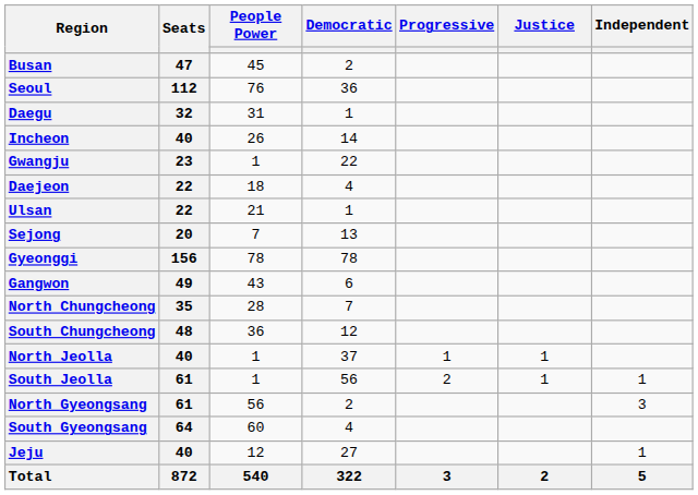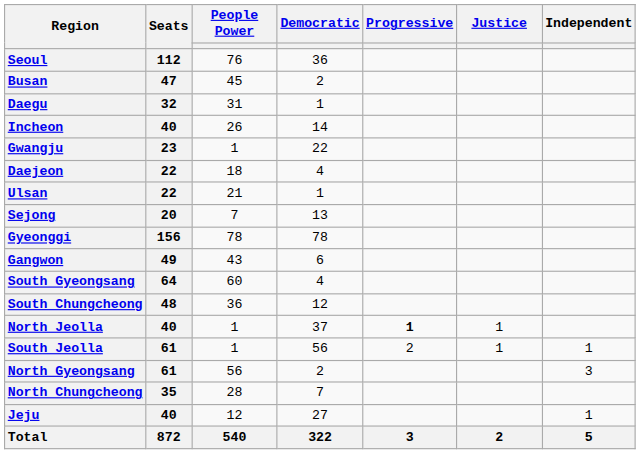 <table class="wikitable" style="text-align:center; font-size: 0.9em;">
 <tr>
 <th rowspan="2">Region</th>
 <th rowspan="2">Seats</th>
 <th class="unsortable" style="width:70px;"><a href='#'>People Power</a></th>
 <th class="unsortable" style="width:70px;"><a href='#'>Democratic</a></th>
 <th class="unsortable" style="width:70px;"><a href='#'>Progressive</a></th>
 <th class="unsortable" style="width:70px;"><a href='#'>Justice</a></th>
 <th class="unsortable" style="width:70px;">Independent</th>
 </tr>
 <tr>
 <th style="background:"></th>
 <th style="background:"></th>
 <th style="background:"></th>
 <th style="background:"></th>
 <th style="background:"></th>
 </tr>
 <tr>
-<th style="text-align: left;"><a href='#'>Busan</a></th>
-<th>47</th>
-<td>45</td>
-<td>2</td>
+<th style="text-align: left;"><a href='#'>Seoul</a></th>
+<th>112</th>
+<td>76</td>
+<td>36</td>
 <td></td>
 <td></td>
 <td></td>
 </tr>
 <tr>
-<th style="text-align: left;"><a href='#'>Seoul</a></th>
-<th>112</th>
-<td>76</td>
-<td>36</td>
+<th style="text-align: left;"><a href='#'>Busan</a></th>
+<th>47</th>
+<td>45</td>
+<td>2</td>
 <td></td>
 <td></td>
 <td></td>
 </tr>
 <tr>
 <th style="text-align: left;"><a href='#'>Daegu</a></th>
 <th>32</th>
 <td>31</td>
 <td>1</td>
 <td></td>
 <td></td>
 <td></td>
 </tr>
 <tr>
 <th style="text-align: left;"><a href='#'>Incheon</a></th>
 <th>40</th>
 <td>26</td>
 <td>14</td>
 <td></td>
 <td></td>
 <td></td>
 </tr>
 <tr>
 <th style="text-align: left;"><a href='#'>Gwangju</a></th>
 <th>23</th>
 <td>1</td>
 <td>22</td>
 <td></td>
 <td></td>
 <td></td>
 </tr>
 <tr>
 <th style="text-align: left;"><a href='#'>Daejeon</a></th>
 <th>22</th>
 <td>18</td>
 <td>4</td>
 <td></td>
 <td></td>
 <td></td>
 </tr>
 <tr>
 <th style="text-align: left;"><a href='#'>Ulsan</a></th>
 <th>22</th>
 <td>21</td>
 <td>1</td>
 <td></td>
 <td></td>
 <td></td>
 </tr>
 <tr>
 <th style="text-align: left;"><a href='#'>Sejong</a></th>
 <th>20</th>
 <td>7</td>
 <td>13</td>
 <td></td>
 <td></td>
 <td></td>
 </tr>
 <tr>
 <th style="text-align: left;"><a href='#'>Gyeonggi</a></th>
 <th>156</th>
 <td>78</td>
 <td>78</td>
 <td></td>
 <td></td>
 <td></td>
 </tr>
 <tr>
 <th style="text-align: left;"><a href='#'>Gangwon</a></th>
 <th>49</th>
 <td>43</td>
 <td>6</td>
 <td></td>
 <td></td>
 <td></td>
 </tr>
 <tr>
-<th style="text-align: left;"><a href='#'>North Chungcheong</a></th>
-<th>35</th>
-<td>28</td>
-<td>7</td>
+<th style="text-align: left;"><a href='#'>South Gyeongsang</a></th>
+<th>64</th>
+<td>60</td>
+<td>4</td>
 <td></td>
 <td></td>
 <td></td>
 </tr>
 <tr>
 <th style="text-align: left;"><a href='#'>South Chungcheong</a></th>
 <th>48</th>
 <td>36</td>
 <td>12</td>
 <td></td>
 <td></td>
 <td></td>
 </tr>
 <tr>
 <th style="text-align: left;"><a href='#'>North Jeolla</a></th>
 <th>40</th>
 <td>1</td>
 <td>37</td>
-<td>1</td>
+<td><strong>1</strong></td>
 <td>1</td>
 <td></td>
 </tr>
 <tr>
 <th style="text-align: left;"><a href='#'>South Jeolla</a></th>
 <th>61</th>
 <td>1</td>
 <td>56</td>
 <td>2</td>
 <td>1</td>
 <td>1</td>
 </tr>
 <tr>
 <th style="text-align: left;"><a href='#'>North Gyeongsang</a></th>
 <th>61</th>
 <td>56</td>
 <td>2</td>
 <td></td>
 <td></td>
 <td>3</td>
 </tr>
 <tr>
-<th style="text-align: left;"><a href='#'>South Gyeongsang</a></th>
-<th>64</th>
-<td>60</td>
-<td>4</td>
+<th style="text-align: left;"><a href='#'>North Chungcheong</a></th>
+<th>35</th>
+<td>28</td>
+<td>7</td>
 <td></td>
 <td></td>
 <td></td>
 </tr>
 <tr>
 <th style="text-align: left;"><a href='#'>Jeju</a></th>
 <th>40</th>
 <td>12</td>
 <td>27</td>
 <td></td>
 <td></td>
 <td>1</td>
 </tr>
 <tr class="sortbottom">
 <th style="text-align: left;">Total</th>
 <th>872</th>
 <th>540</th>
 <th>322</th>
 <th>3</th>
 <th>2</th>
 <th>5</th>
 </tr>
 </table>
